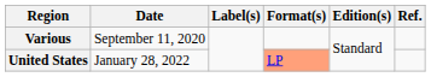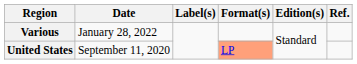 <table class="wikitable plainrowheaders">
 <tr>
 <th scope="col">Region</th>
 <th scope="col">Date</th>
 <th scope="col">Label(s)</th>
 <th scope="col">Format(s)</th>
 <th scope="col">Edition(s)</th>
 <th scope="col">Ref.</th>
 </tr>
 <tr>
 <th scope="row">Various</th>
-<td>September 11, 2020</td>
+<td>January 28, 2022</td>
 <td rowspan="2"></td>
 <td></td>
 <td rowspan="2">Standard</td>
 <td style="text-align: center"></td>
 </tr>
 <tr>
 <th scope="row">United States</th>
-<td>January 28, 2022</td>
+<td>September 11, 2020</td>
 <td style="background: lightsalmon;"><a href='#'>LP</a></td>
 <td style="text-align: center"></td>
 </tr>
 </table>
